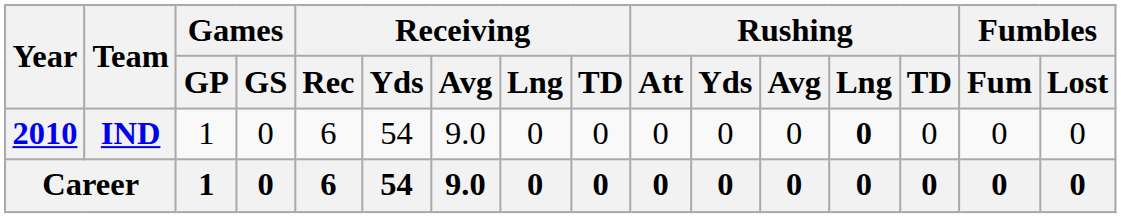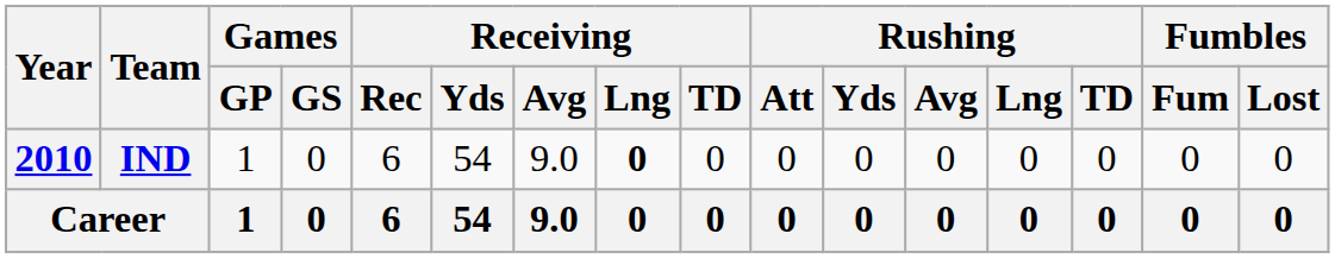 <table class=wikitable style="text-align:center;">
 <tr>
 <th rowspan=2>Year</th>
 <th rowspan=2>Team</th>
 <th colspan=2>Games</th>
 <th colspan=5>Receiving</th>
 <th colspan=5>Rushing</th>
 <th colspan=2>Fumbles</th>
 </tr>
 <tr>
 <th>GP</th>
 <th>GS</th>
 <th>Rec</th>
 <th>Yds</th>
 <th>Avg</th>
 <th>Lng</th>
 <th>TD</th>
 <th>Att</th>
 <th>Yds</th>
 <th>Avg</th>
 <th>Lng</th>
 <th>TD</th>
 <th>Fum</th>
 <th>Lost</th>
 </tr>
 <tr>
 <th><a href='#'>2010</a></th>
 <th><a href='#'>IND</a></th>
 <td>1</td>
 <td>0</td>
 <td>6</td>
 <td>54</td>
 <td>9.0</td>
+<td><strong>0</strong></td>
 <td>0</td>
 <td>0</td>
 <td>0</td>
 <td>0</td>
 <td>0</td>
-<td><strong>0</strong></td>
 <td>0</td>
 <td>0</td>
 <td>0</td>
 </tr>
 <tr>
 <th colspan=2>Career</th>
 <th>1</th>
 <th>0</th>
 <th>6</th>
 <th>54</th>
 <th>9.0</th>
 <th>0</th>
 <th>0</th>
 <th>0</th>
 <th>0</th>
 <th>0</th>
 <th>0</th>
 <th>0</th>
 <th>0</th>
 <th>0</th>
 </tr>
 </table>
